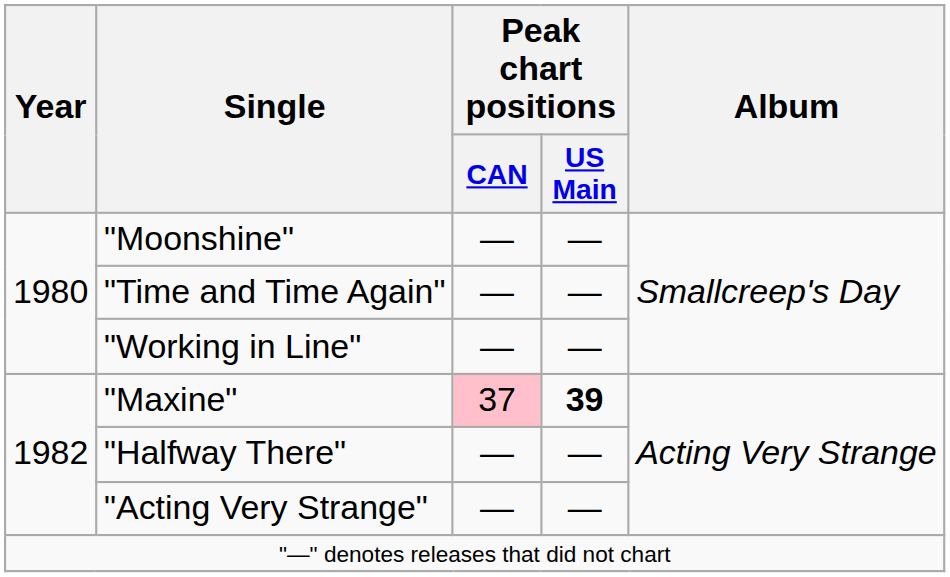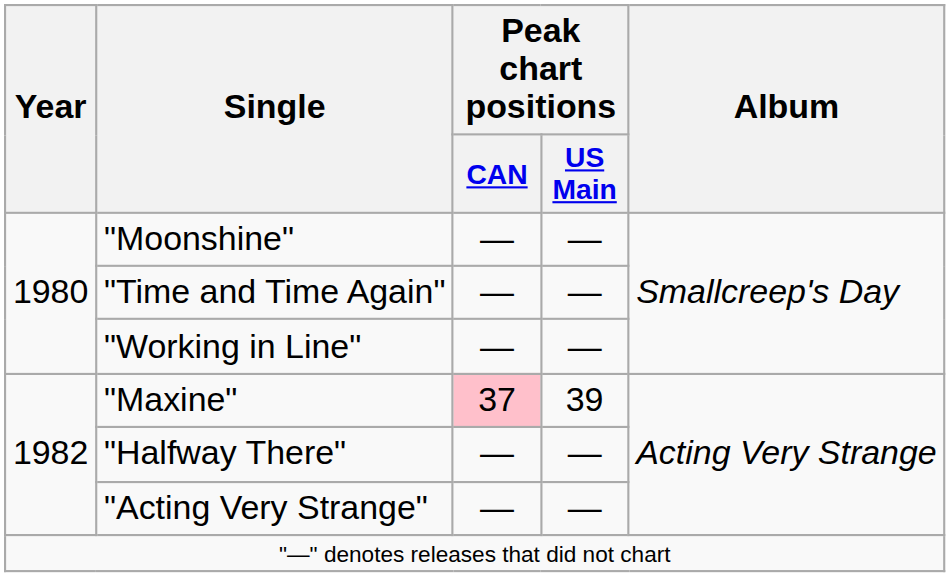 <table class="wikitable" style="text-align:center;">
 <tr>
 <th rowspan="2">Year</th>
 <th rowspan="2">Single</th>
 <th colspan="2">Peak chart positions</th>
 <th rowspan="2">Album</th>
 </tr>
 <tr style="font-size:smaller;">
 <th style="width:35px;"><a href='#'>CAN</a></th>
 <th style="width:35px;"><a href='#'>US Main</a></th>
 </tr>
 <tr>
 <td rowspan="3">1980</td>
 <td style="text-align:left;">"Moonshine"</td>
 <td>—</td>
 <td>—</td>
 <td style="text-align:left;" rowspan="3"><em>Smallcreep's Day</em></td>
 </tr>
 <tr>
 <td style="text-align:left;">"Time and Time Again"</td>
 <td>—</td>
 <td>—</td>
 </tr>
 <tr>
 <td style="text-align:left;">"Working in Line"</td>
 <td>—</td>
 <td>—</td>
 </tr>
 <tr>
 <td rowspan="3">1982</td>
 <td style="text-align:left;">"Maxine"</td>
 <td style="background: pink;">37</td>
-<td><strong>39</strong></td>
+<td>39</td>
 <td style="text-align:left;" rowspan="3"><em>Acting Very Strange</em></td>
 </tr>
 <tr>
 <td style="text-align:left;">"Halfway There"</td>
 <td>—</td>
 <td>—</td>
 </tr>
 <tr>
 <td style="text-align:left;">"Acting Very Strange"</td>
 <td>—</td>
 <td>—</td>
 </tr>
 <tr>
 <td colspan="20" style="font-size:8pt">"—" denotes releases that did not chart</td>
 </tr>
 </table>
